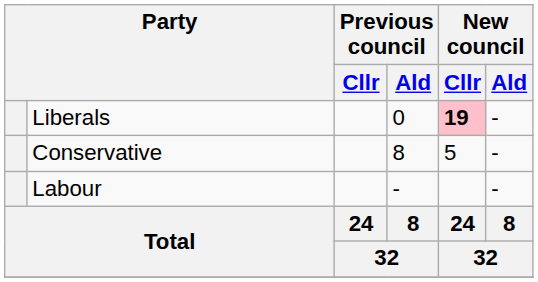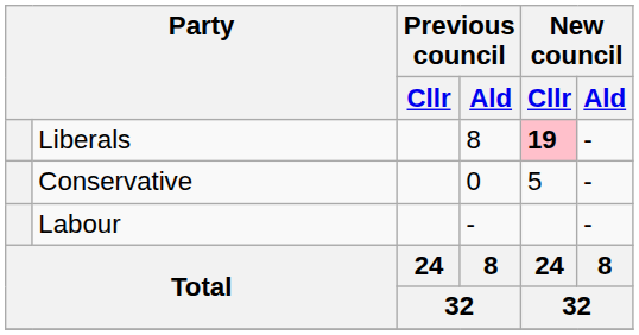 <table class="wikitable">
 <tr>
 <th valign=top colspan="2" rowspan="2" style="width: 230px">Party</th>
 <th valign=top colspan="2" style="width: 30px">Previous council</th>
 <th valign=top colspan="2" style="width: 30px">New council</th>
 </tr>
 <tr>
 <th><a href='#'>Cllr</a></th>
 <th><a href='#'>Ald</a></th>
 <th><a href='#'>Cllr</a></th>
 <th><a href='#'>Ald</a></th>
 </tr>
 <tr>
 <th style="background-color: "></th>
 <td>Liberals</td>
 <td></td>
-<td>0</td>
+<td>8</td>
 <td style="background: pink;"><strong>19</strong></td>
 <td>-</td>
 </tr>
 <tr>
 <th style="background-color: "></th>
 <td>Conservative</td>
 <td></td>
-<td>8</td>
+<td>0</td>
 <td>5</td>
 <td>-</td>
 </tr>
 <tr>
 <th style="background-color: "></th>
 <td>Labour</td>
 <td></td>
 <td>-</td>
 <td></td>
 <td>-</td>
 </tr>
 <tr>
 <th colspan="2" rowspan="2">Total</th>
 <th style="text-align: center">24</th>
 <th style="text-align: center">8</th>
 <th style="text-align: center">24</th>
 <th style="text-align: center">8</th>
 </tr>
 <tr>
 <th colspan="2" style="text-align: center">32</th>
 <th colspan="2" style="text-align: center">32</th>
 </tr>
 <tr>
 </tr>
 </table>
